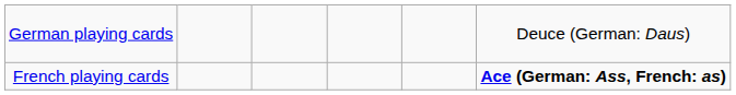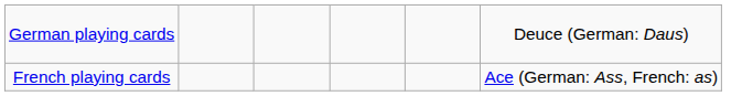 <table class="wikitable" style="text-align:center;">
 <tr>
 <td><a href='#'>German playing cards</a></td>
 <td style="width:4em; height:3em;"></td>
 <td style="width:4em; height:3em;"></td>
 <td style="width:4em; height:3em;"></td>
 <td style="width:4em; height:3em;"></td>
 <td>Deuce (German: <em>Daus</em>)</td>
 </tr>
 <tr>
 <td><a href='#'>French playing cards</a></td>
 <td style="width:4em; "></td>
 <td style="width:4em; "></td>
 <td style="width:4em; "></td>
 <td style="width:4em; "></td>
-<td><strong><a href='#'>Ace</a> (German: <em>Ass</em>, French: <em>as</em>)</strong></td>
+<td><a href='#'>Ace</a> (German: <em>Ass</em>, French: <em>as</em>)</td>
 </tr>
 </table>
